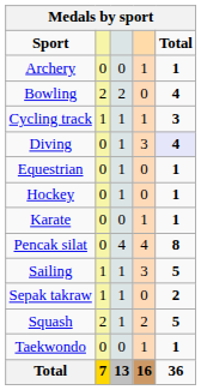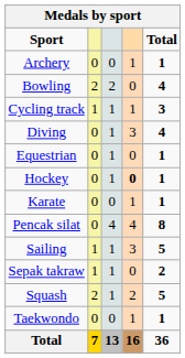 <table class=wikitable style="font-size:85%; float:right;text-align:center">
 <tr bgcolor=EFEFEF>
 <th colspan=7>Medals by sport</th>
 </tr>
 <tr>
 <td><strong>Sport</strong></td>
 <td bgcolor=F7F6A8></td>
 <td bgcolor=DCE5E5></td>
 <td bgcolor=FFDBA9></td>
 <td><strong>Total</strong></td>
 </tr>
 <tr>
 <td><a href='#'>Archery</a></td>
 <td bgcolor=F7F6A8>0</td>
 <td bgcolor=DCE5E5>0</td>
 <td bgcolor=FFDAB9>1</td>
 <td><strong>1</strong></td>
 </tr>
 <tr>
 <td><a href='#'>Bowling</a></td>
 <td bgcolor=F7F6A8>2</td>
 <td bgcolor=DCE5E5>2</td>
 <td bgcolor=FFDAB9>0</td>
 <td><strong>4</strong></td>
 </tr>
 <tr>
 <td><a href='#'>Cycling track</a></td>
 <td bgcolor=F7F6A8>1</td>
 <td bgcolor=DCE5E5>1</td>
 <td bgcolor=FFDAB9>1</td>
 <td><strong>3</strong></td>
 </tr>
 <tr>
 <td><a href='#'>Diving</a></td>
 <td bgcolor=F7F6A8>0</td>
 <td bgcolor=DCE5E5>1</td>
 <td bgcolor=FFDAB9>3</td>
-<td style="background: lavender;"><strong>4</strong></td>
+<td><strong>4</strong></td>
 </tr>
 <tr>
 <td><a href='#'>Equestrian</a></td>
 <td bgcolor=F7F6A8>0</td>
 <td bgcolor=DCE5E5>1</td>
 <td bgcolor=FFDAB9>0</td>
 <td><strong>1</strong></td>
 </tr>
 <tr>
 <td><a href='#'>Hockey</a></td>
 <td bgcolor=F7F6A8>0</td>
 <td bgcolor=DCE5E5>1</td>
-<td bgcolor=FFDAB9>0</td>
+<td bgcolor=FFDAB9><strong>0</strong></td>
 <td><strong>1</strong></td>
 </tr>
 <tr>
 <td><a href='#'>Karate</a></td>
 <td bgcolor=F7F6A8>0</td>
 <td bgcolor=DCE5E5>0</td>
 <td bgcolor=FFDAB9>1</td>
 <td><strong>1</strong></td>
 </tr>
 <tr>
 <td><a href='#'>Pencak silat</a></td>
 <td bgcolor=F7F6A8>0</td>
 <td bgcolor=DCE5E5>4</td>
 <td bgcolor=FFDAB9>4</td>
 <td><strong>8</strong></td>
 </tr>
 <tr>
 <td><a href='#'>Sailing</a></td>
 <td bgcolor=F7F6A8>1</td>
 <td bgcolor=DCE5E5>1</td>
 <td bgcolor=FFDAB9>3</td>
 <td><strong>5</strong></td>
 </tr>
 <tr>
 <td><a href='#'>Sepak takraw</a></td>
 <td bgcolor=F7F6A8>1</td>
 <td bgcolor=DCE5E5>1</td>
 <td bgcolor=FFDAB9>0</td>
 <td><strong>2</strong></td>
 </tr>
 <tr>
 <td><a href='#'>Squash</a></td>
 <td bgcolor=F7F6A8>2</td>
 <td bgcolor=DCE5E5>1</td>
 <td bgcolor=FFDAB9>2</td>
 <td><strong>5</strong></td>
 </tr>
 <tr>
 <td><a href='#'>Taekwondo</a></td>
 <td bgcolor=F7F6A8>0</td>
 <td bgcolor=DCE5E5>0</td>
 <td bgcolor=FFDAB9>1</td>
 <td><strong>1</strong></td>
 </tr>
 <tr>
 <th>Total</th>
 <td style="background:gold;"><strong>7</strong></td>
 <td style="background:silver;"><strong>13</strong></td>
 <td style="background:#c96;"><strong>16</strong></td>
 <td><strong>36</strong></td>
 </tr>
 </table>
